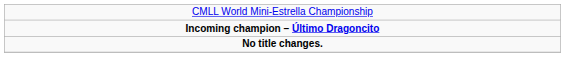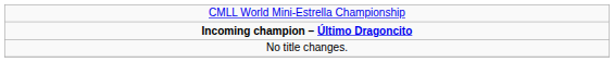 <table class="wikitable" style="text-align:center; width:100%;">
 <tr>
 <td colspan="4" style="text-align: center;"><a href='#'>CMLL World Mini-Estrella Championship</a></td>
 </tr>
 <tr>
 <td colspan="4" style="text-align: center;"><strong>Incoming champion – <a href='#'>Último Dragoncito</a></strong></td>
 </tr>
 <tr>
-<td><strong>No title changes.</strong></td>
+<td>No title changes.</td>
 </tr>
 <tr>
 </tr>
 </table>
